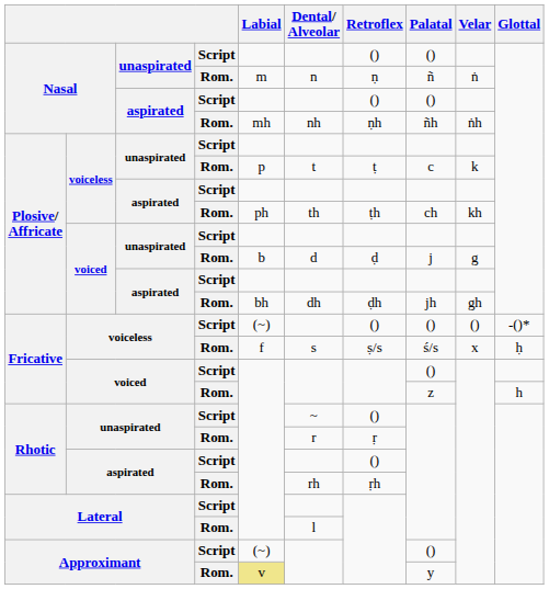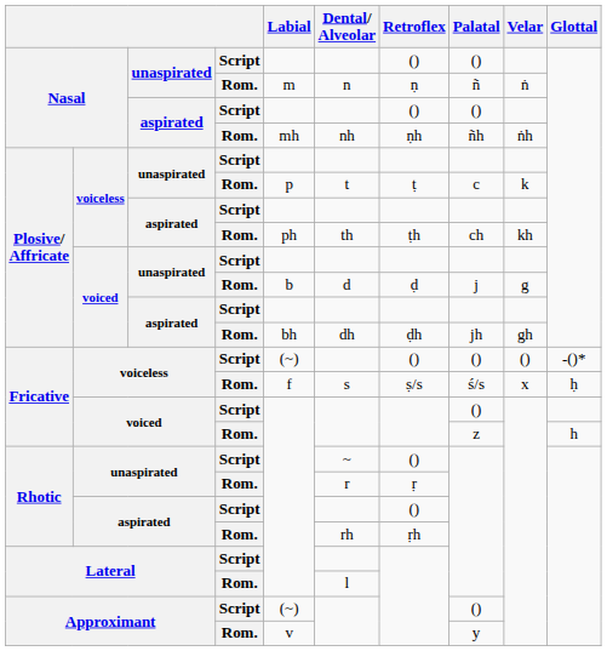 <table class="wikitable" style="text-align:center">
 <tr>
 <th colspan="4"></th>
 <th><a href='#'>Labial</a></th>
 <th><a href='#'>Dental</a>/<br><a href='#'>Alveolar</a></th>
 <th><a href='#'>Retroflex</a></th>
 <th><a href='#'>Palatal</a></th>
 <th><a href='#'>Velar</a></th>
 <th><a href='#'>Glottal</a></th>
 </tr>
 <tr>
 <th colspan="2" rowspan="4"><a href='#'>Nasal</a></th>
 <th rowspan="2"><a href='#'>unaspirated</a></th>
 <th>Script</th>
 <td> </td>
 <td> </td>
 <td>() </td>
 <td>() </td>
 <td> </td>
 <td rowspan="12"></td>
 </tr>
 <tr>
 <th>Rom.</th>
 <td>m</td>
 <td>n</td>
 <td>ṇ</td>
 <td>ñ</td>
 <td>ṅ</td>
 </tr>
 <tr>
 <th rowspan="2"><a href='#'>aspirated</a></th>
 <th>Script</th>
 <td> </td>
 <td> </td>
 <td>() </td>
 <td>() </td>
 <td> </td>
 </tr>
 <tr>
 <th>Rom.</th>
 <td>mh</td>
 <td>nh</td>
 <td>ṇh</td>
 <td>ñh</td>
 <td>ṅh</td>
 </tr>
 <tr>
 <th rowspan="8"><a href='#'>Plosive</a>/<br><a href='#'>Affricate</a></th>
 <th rowspan="4"><small><a href='#'>voiceless</a></small></th>
 <th rowspan="2"><small>unaspirated</small></th>
 <th>Script</th>
 <td> </td>
 <td> </td>
 <td> </td>
 <td> </td>
 <td> </td>
 </tr>
 <tr>
 <th>Rom.</th>
 <td>p</td>
 <td>t</td>
 <td>ṭ</td>
 <td>c</td>
 <td>k</td>
 </tr>
 <tr>
 <th rowspan="2"><small>aspirated</small></th>
 <th>Script</th>
 <td> </td>
 <td> </td>
 <td> </td>
 <td> </td>
 <td> </td>
 </tr>
 <tr>
 <th>Rom.</th>
 <td>ph</td>
 <td>th</td>
 <td>ṭh</td>
 <td>ch</td>
 <td>kh</td>
 </tr>
 <tr>
 <th rowspan="4"><small><a href='#'>voiced</a></small></th>
 <th rowspan="2"><small>unaspirated</small></th>
 <th>Script</th>
 <td> </td>
 <td> </td>
 <td> </td>
 <td> </td>
 <td> </td>
 </tr>
 <tr>
 <th>Rom.</th>
 <td>b</td>
 <td>d</td>
 <td>ḍ</td>
 <td>j</td>
 <td>g</td>
 </tr>
 <tr>
 <th rowspan="2"><small>aspirated</small></th>
 <th>Script</th>
 <td> </td>
 <td> </td>
 <td> </td>
 <td> </td>
 <td> </td>
 </tr>
 <tr>
 <th>Rom.</th>
 <td>bh</td>
 <td>dh</td>
 <td>ḍh</td>
 <td>jh</td>
 <td>gh</td>
 </tr>
 <tr>
 <th rowspan="4"><a href='#'>Fricative</a></th>
 <th colspan="2" rowspan="2"><small>voiceless</small></th>
 <th>Script</th>
 <td>(~) </td>
 <td> </td>
 <td>() </td>
 <td>() </td>
 <td>() </td>
 <td>-()* </td>
 </tr>
 <tr>
 <th>Rom.</th>
 <td>f</td>
 <td>s</td>
 <td>ṣ/s</td>
 <td>ś/s</td>
 <td>x</td>
 <td>ḥ</td>
 </tr>
 <tr>
 <th colspan="2" rowspan="2"><small>voiced</small></th>
 <th>Script</th>
 <td rowspan="8"></td>
 <td rowspan="2"></td>
 <td rowspan="2"></td>
 <td>() </td>
 <td rowspan="10"></td>
 <td> </td>
 </tr>
 <tr>
 <th>Rom.</th>
 <td>z</td>
 <td>h</td>
 </tr>
 <tr>
 <th rowspan="4"><a href='#'>Rhotic</a></th>
 <th colspan="2" rowspan="2"><small>unaspirated</small></th>
 <th>Script</th>
 <td>~ </td>
 <td>() </td>
 <td rowspan="6"></td>
 <td rowspan="8"></td>
 </tr>
 <tr>
 <th>Rom.</th>
 <td>r</td>
 <td>ṛ</td>
 </tr>
 <tr>
 <th colspan="2" rowspan="2"><small>aspirated</small></th>
 <th>Script</th>
 <td> </td>
 <td>() </td>
 </tr>
 <tr>
 <th>Rom.</th>
 <td>rh</td>
 <td>ṛh</td>
 </tr>
 <tr>
 <th colspan="3" rowspan="2"><a href='#'>Lateral</a></th>
 <th>Script</th>
 <td> </td>
 <td rowspan="4"></td>
 </tr>
 <tr>
 <th>Rom.</th>
 <td>l</td>
 </tr>
 <tr>
 <th colspan="3" rowspan="2"><a href='#'>Approximant</a></th>
 <th>Script</th>
 <td>(~) </td>
 <td rowspan="2"></td>
 <td>() </td>
 </tr>
 <tr>
 <th>Rom.</th>
-<td style="background: khaki;">v</td>
+<td>v</td>
 <td>y</td>
 </tr>
 </table>
